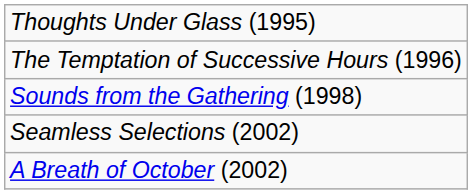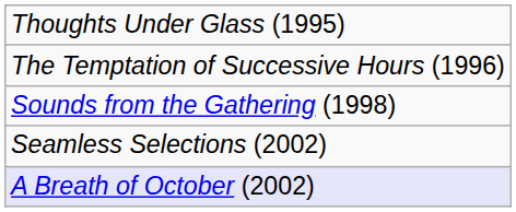 <table class="wikitable">
 <tr>
 <td><em>Thoughts Under Glass</em> (1995)</td>
 </tr>
 <tr>
 <td><em>The Temptation of Successive Hours</em> (1996)</td>
 </tr>
 <tr>
 <td><em><a href='#'>Sounds from the Gathering</a></em> (1998)</td>
 </tr>
 <tr>
 <td><em>Seamless Selections</em> (2002)</td>
 </tr>
 <tr>
-<td><em><a href='#'>A Breath of October</a></em> (2002)</td>
+<td style="background: lavender;"><em><a href='#'>A Breath of October</a></em> (2002)</td>
 </tr>
 </table>
